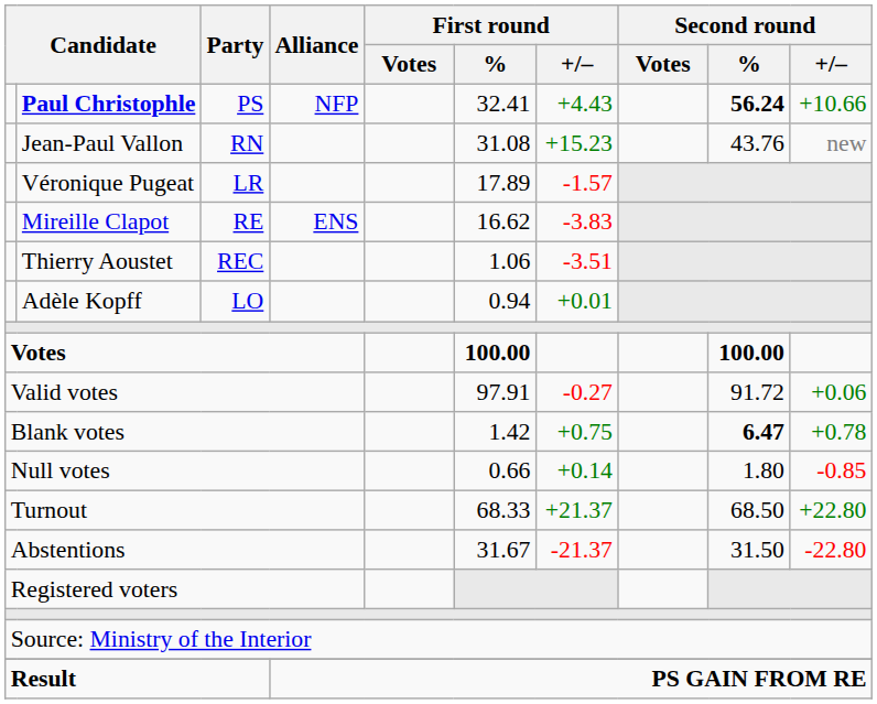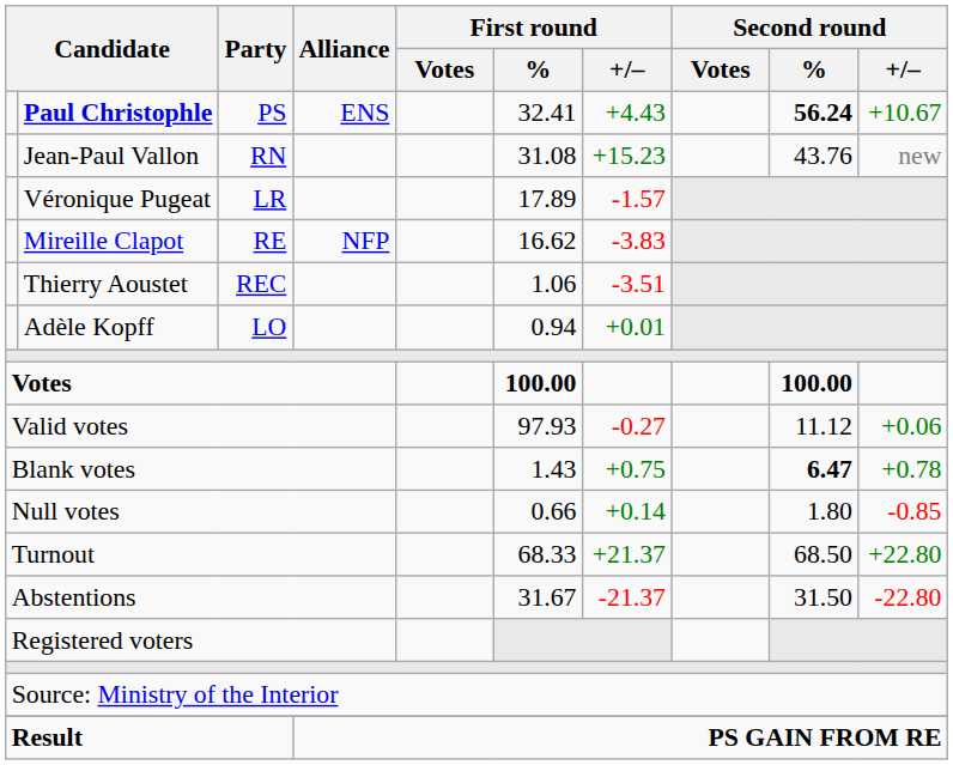 <table class="wikitable" style="text-align:right;font-size:95%;">
 <tr>
 <th rowspan="2" colspan="2">Candidate</th>
 <th colspan="1" rowspan="2">Party</th>
 <th colspan="1" rowspan="2">Alliance</th>
 <th colspan="3">First round</th>
 <th colspan="3">Second round</th>
 </tr>
 <tr>
 <th style="width:50px;">Votes</th>
 <th style="width:45px;">%</th>
 <th style="width:45px;">+/–</th>
 <th style="width:50px;">Votes</th>
 <th style="width:45px;">%</th>
 <th style="width:45px;">+/–</th>
 </tr>
 <tr>
 <td style="color:inherit;background:"></td>
 <td style="text-align:left;"><strong><a href='#'>Paul Christophle</a></strong></td>
 <td><a href='#'>PS</a></td>
-<td><a href='#'>NFP</a></td>
+<td><a href='#'>ENS</a></td>
 <td></td>
 <td>32.41</td>
 <td style="color:green;">+4.43</td>
 <td><strong></strong></td>
 <td><strong>56.24</strong></td>
-<td style="color:green;">+10.66</td>
+<td style="color:green;">+10.67</td>
 </tr>
 <tr>
 <td style="color:inherit;background:"></td>
 <td style="text-align:left;">Jean-Paul Vallon</td>
 <td><a href='#'>RN</a></td>
 <td></td>
 <td></td>
 <td>31.08</td>
 <td style="color:green;">+15.23</td>
 <td></td>
 <td>43.76</td>
 <td style="color:grey;">new</td>
 </tr>
 <tr>
 <td style="color:inherit;background:"></td>
 <td style="text-align:left;">Véronique Pugeat</td>
 <td><a href='#'>LR</a></td>
 <td></td>
 <td></td>
 <td>17.89</td>
 <td style="color:red;">-1.57</td>
 <td colspan="3" style="background:#E9E9E9;"></td>
 </tr>
 <tr>
 <td style="color:inherit;background:"></td>
 <td style="text-align:left;"><a href='#'>Mireille Clapot</a></td>
 <td><a href='#'>RE</a></td>
-<td><a href='#'>ENS</a></td>
+<td><a href='#'>NFP</a></td>
 <td></td>
 <td>16.62</td>
 <td style="color:red;">-3.83</td>
 <td colspan="3" style="background:#E9E9E9;"></td>
 </tr>
 <tr>
 <td style="color:inherit;background:"></td>
 <td style="text-align:left;">Thierry Aoustet</td>
 <td><a href='#'>REC</a></td>
 <td></td>
 <td></td>
 <td>1.06</td>
 <td style="color:red;">-3.51</td>
 <td colspan="3" style="background:#E9E9E9;"></td>
 </tr>
 <tr>
 <td style="color:inherit;background:"></td>
 <td style="text-align:left;">Adèle Kopff</td>
 <td><a href='#'>LO</a></td>
 <td></td>
 <td></td>
 <td>0.94</td>
 <td style="color:green;">+0.01</td>
 <td colspan="3" style="background:#E9E9E9;"></td>
 </tr>
 <tr>
 <td colspan="10" style="background:#E9E9E9;"></td>
 </tr>
 <tr style="font-weight:bold;">
 <td colspan="4" style="text-align:left;">Votes</td>
 <td></td>
 <td>100.00</td>
 <td></td>
 <td></td>
 <td>100.00</td>
 <td></td>
 </tr>
 <tr>
 <td colspan="4" style="text-align:left;">Valid votes</td>
 <td></td>
-<td>97.91</td>
+<td>97.93</td>
 <td style="color:red;">-0.27</td>
 <td></td>
-<td>91.72</td>
+<td>11.12</td>
 <td style="color:green;">+0.06</td>
 </tr>
 <tr>
 <td colspan="4" style="text-align:left;">Blank votes</td>
 <td></td>
-<td>1.42</td>
+<td>1.43</td>
 <td style="color:green;">+0.75</td>
 <td></td>
 <td><strong>6.47</strong></td>
 <td style="color:green;">+0.78</td>
 </tr>
 <tr>
 <td colspan="4" style="text-align:left;">Null votes</td>
 <td></td>
 <td>0.66</td>
 <td style="color:green;">+0.14</td>
 <td></td>
 <td>1.80</td>
 <td style="color:red;">-0.85</td>
 </tr>
 <tr>
 <td colspan="4" style="text-align:left;">Turnout</td>
 <td></td>
 <td>68.33</td>
 <td style="color:green;">+21.37</td>
 <td></td>
 <td>68.50</td>
 <td style="color:green;">+22.80</td>
 </tr>
 <tr>
 <td colspan="4" style="text-align:left;">Abstentions</td>
 <td></td>
 <td>31.67</td>
 <td style="color:red;">-21.37</td>
 <td></td>
 <td>31.50</td>
 <td style="color:red;">-22.80</td>
 </tr>
 <tr>
 <td colspan="4" style="text-align:left;">Registered voters</td>
 <td></td>
 <td colspan="2" style="background:#E9E9E9;"></td>
 <td></td>
 <td colspan="2" style="background:#E9E9E9;"></td>
 </tr>
 <tr>
 <td colspan="10" style="background:#E9E9E9;"></td>
 </tr>
 <tr>
 <td colspan="10" style="text-align:left;">Source: <a href='#'>Ministry of the Interior</a></td>
 </tr>
 <tr>
 </tr>
 <tr style="font-weight:bold">
 <td colspan="3" style="text-align:left;">Result</td>
 <td colspan="7" style="background-color:">PS GAIN FROM RE</td>
 </tr>
 </table>
